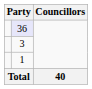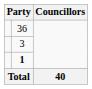 <table class="wikitable">
 <tr>
 <th colspan=2>Party</th>
 <th>Councillors</th>
 </tr>
 <tr>
 <td></td>
-<td align=center style="background: lavender;">36</td>
+<td align=center>36</td>
 </tr>
 <tr>
 <td></td>
 <td align=center>3</td>
 </tr>
 <tr>
 <td></td>
-<td align=center>1</td>
+<td align=center><strong>1</strong></td>
 </tr>
 <tr>
 <th colspan=2>Total</th>
 <th align=center>40</th>
 </tr>
 </table>
